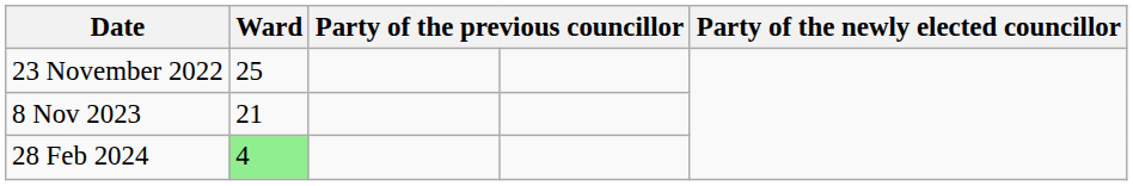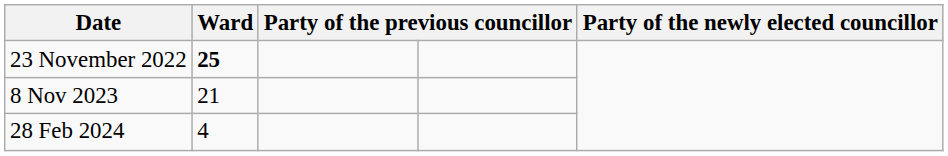 <table class="wikitable">
 <tr>
 <th>Date</th>
 <th>Ward</th>
 <th colspan=2>Party of the previous councillor</th>
 <th colspan=2>Party of the newly elected councillor</th>
 </tr>
 <tr>
 <td>23 November 2022</td>
-<td>25</td>
+<td><strong>25</strong></td>
 <td></td>
 <td></td>
 </tr>
 <tr>
 <td>8 Nov 2023</td>
 <td>21</td>
 <td></td>
 <td></td>
 </tr>
 <tr>
 <td>28 Feb 2024</td>
-<td style="background: lightgreen;">4</td>
+<td>4</td>
 <td></td>
 <td></td>
 </tr>
 </table>
